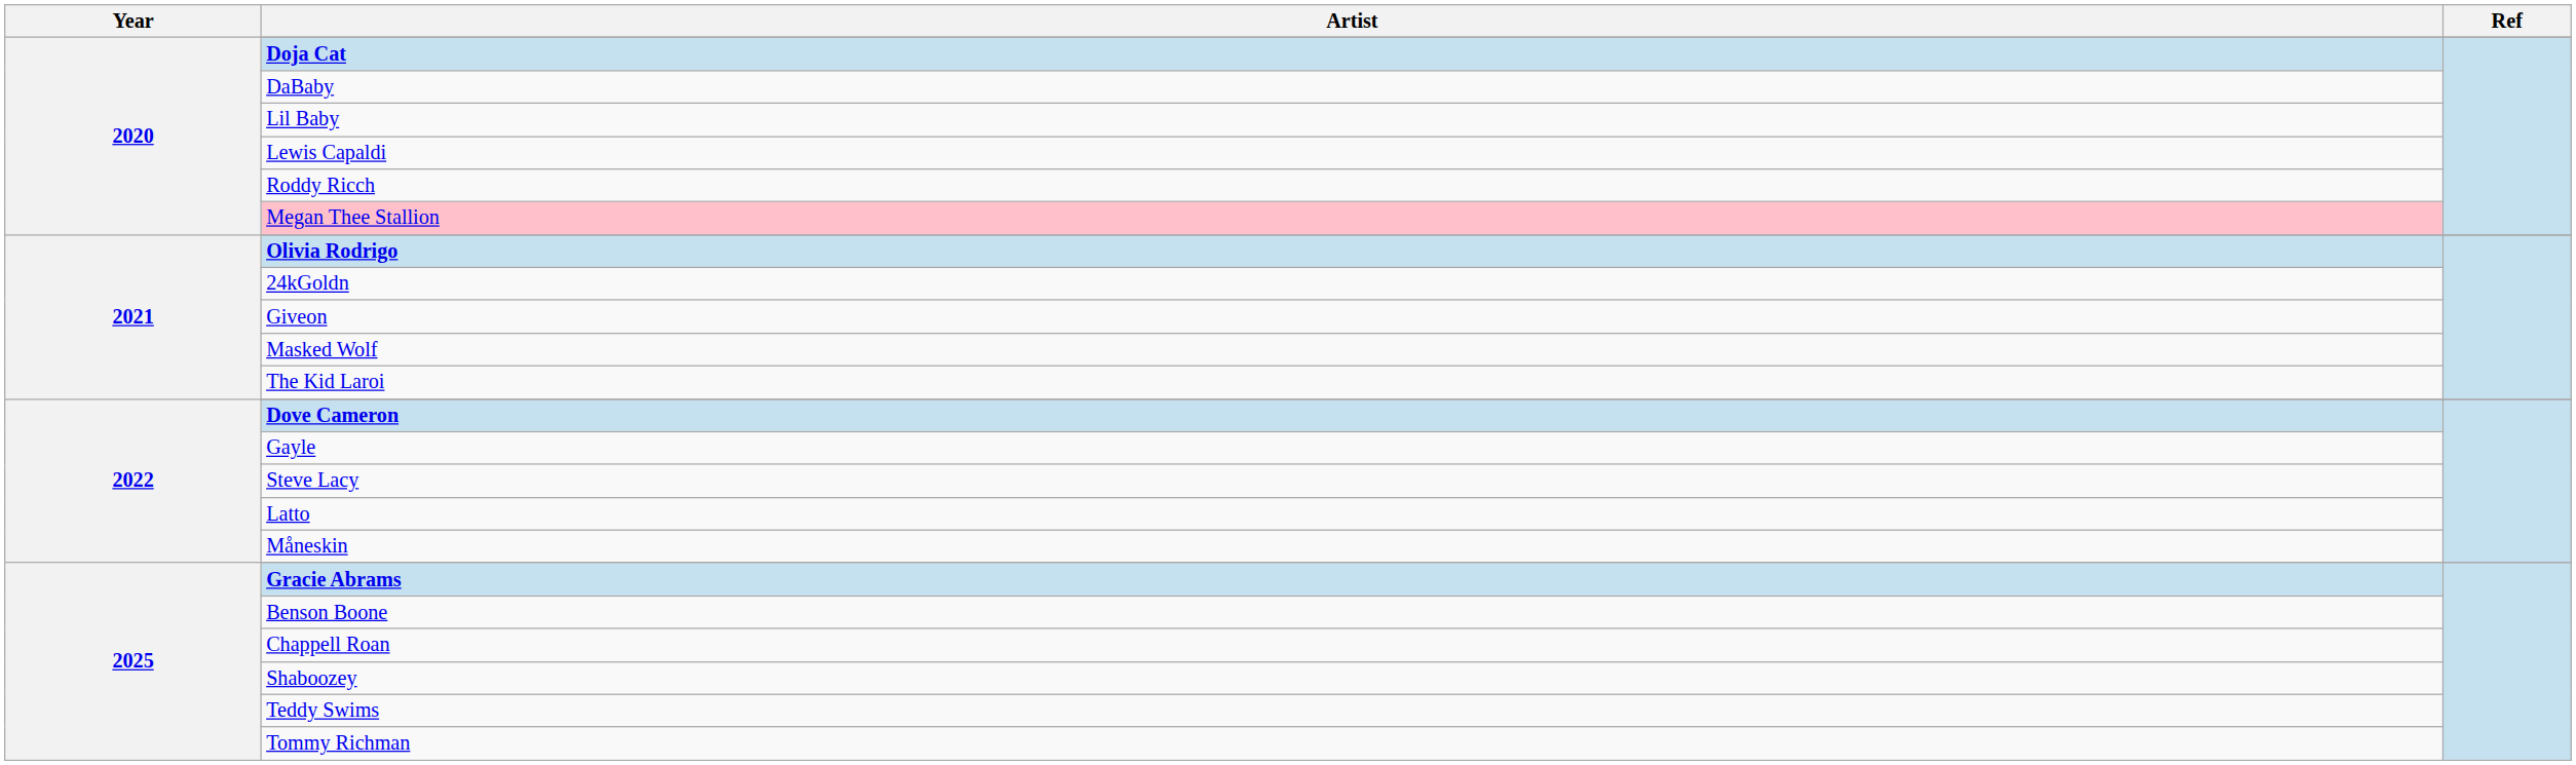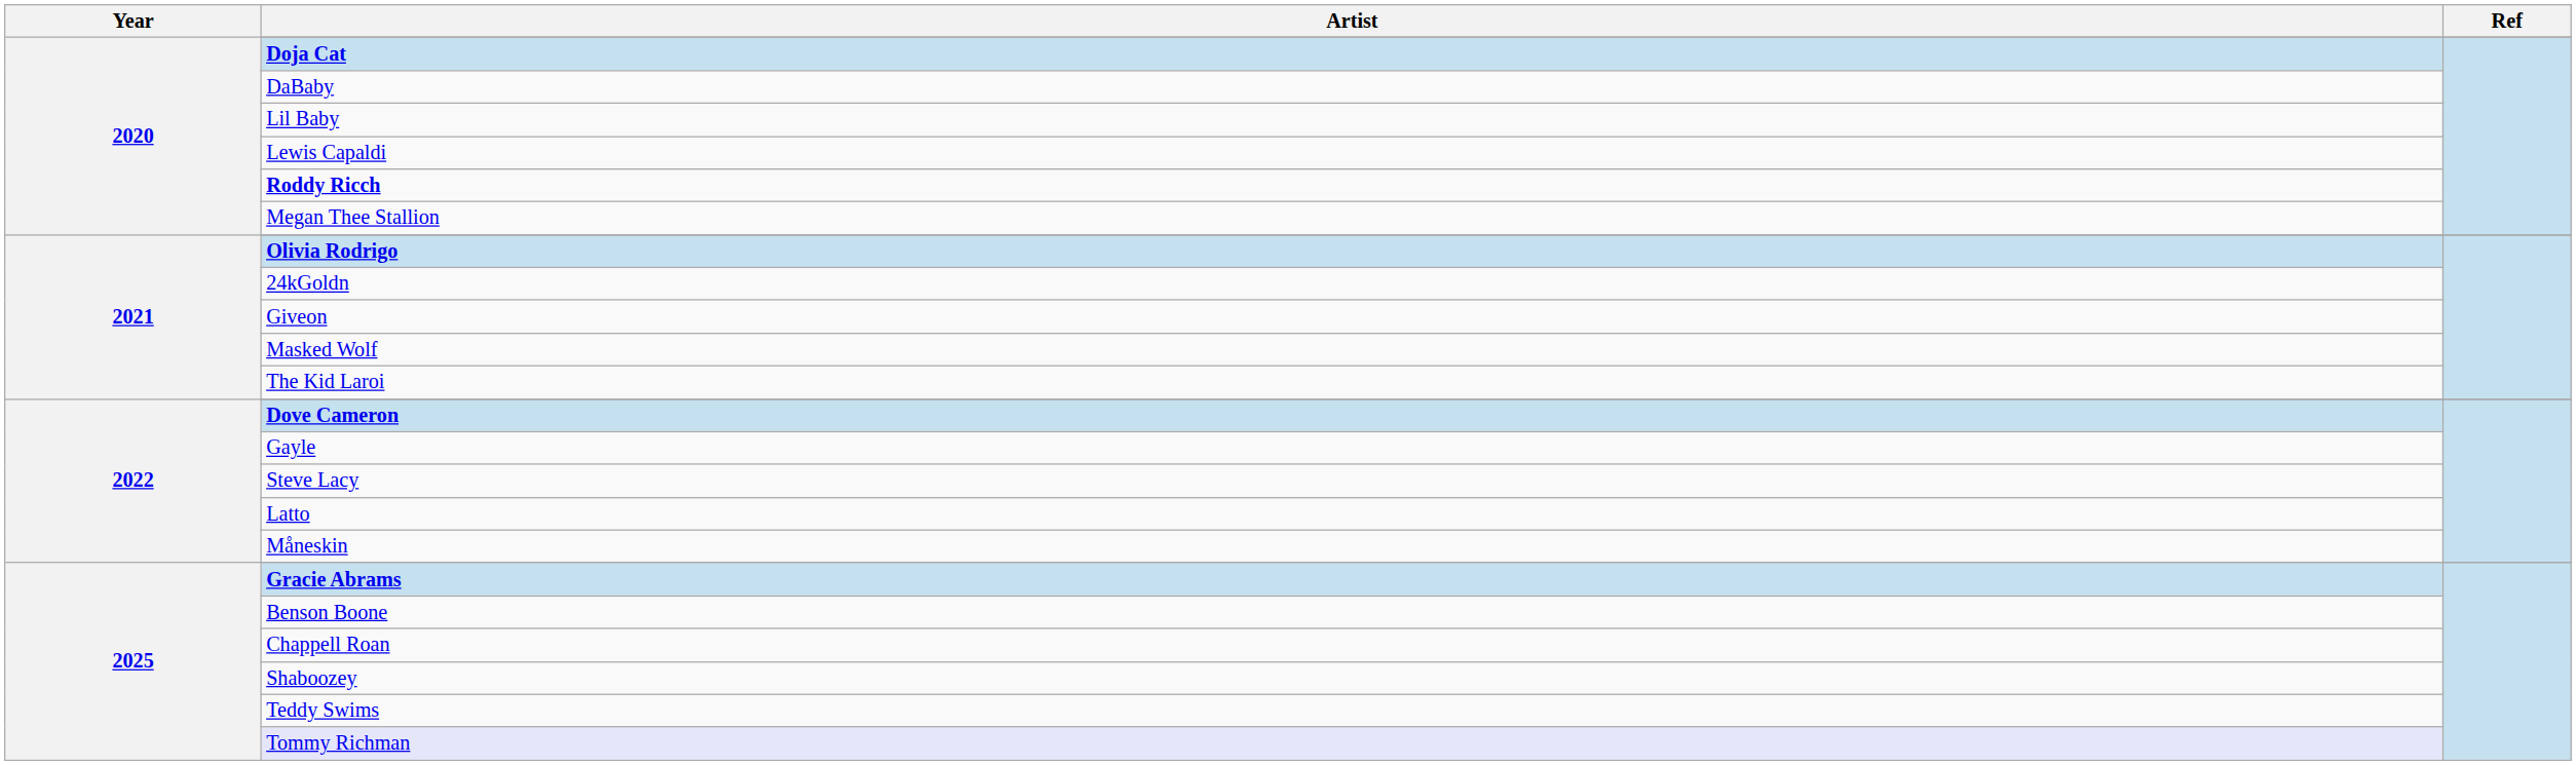 <table class="wikitable" width="100%">
 <tr>
 <th width="10%">Year</th>
 <th width="85%">Artist</th>
 <th width="5%">Ref</th>
 </tr>
 <tr>
 <th rowspan="7" align="center"><a href='#'>2020<br></a></th>
 </tr>
 <tr style="background:#c5e1f0">
 <td><strong><a href='#'>Doja Cat</a></strong></td>
 <td rowspan="6" align="center"></td>
 </tr>
 <tr>
 <td><a href='#'>DaBaby</a></td>
 </tr>
 <tr>
 <td><a href='#'>Lil Baby</a></td>
 </tr>
 <tr>
 <td><a href='#'>Lewis Capaldi</a></td>
 </tr>
 <tr>
-<td><a href='#'>Roddy Ricch</a></td>
+<td><strong><a href='#'>Roddy Ricch</a></strong></td>
 </tr>
 <tr>
-<td style="background: pink;"><a href='#'>Megan Thee Stallion</a></td>
+<td><a href='#'>Megan Thee Stallion</a></td>
 </tr>
 <tr>
 <th rowspan="6" align="center"><a href='#'>2021<br></a></th>
 </tr>
 <tr style="background:#c5e1f0">
 <td><strong><a href='#'>Olivia Rodrigo</a></strong></td>
 <td rowspan="5" align="center"></td>
 </tr>
 <tr>
 <td><a href='#'>24kGoldn</a></td>
 </tr>
 <tr>
 <td><a href='#'>Giveon</a></td>
 </tr>
 <tr>
 <td><a href='#'>Masked Wolf</a></td>
 </tr>
 <tr>
 <td><a href='#'>The Kid Laroi</a></td>
 </tr>
 <tr>
 <th rowspan="6" align="center"><a href='#'>2022<br></a></th>
 </tr>
 <tr style="background:#c5e1f0">
 <td><strong><a href='#'>Dove Cameron</a></strong></td>
 <td rowspan="5" align="center"></td>
 </tr>
 <tr>
 <td><a href='#'>Gayle</a></td>
 </tr>
 <tr>
 <td><a href='#'>Steve Lacy</a></td>
 </tr>
 <tr>
 <td><a href='#'>Latto</a></td>
 </tr>
 <tr>
 <td><a href='#'>Måneskin</a></td>
 </tr>
 <tr>
 <th rowspan="7" align="center"><a href='#'>2025<br></a></th>
 </tr>
 <tr style="background:#c5e1f0">
 <td><strong><a href='#'>Gracie Abrams</a></strong></td>
 <td rowspan="7" align="center"></td>
 </tr>
 <tr>
 <td><a href='#'>Benson Boone</a></td>
 </tr>
 <tr>
 <td><a href='#'>Chappell Roan</a></td>
 </tr>
 <tr>
 <td><a href='#'>Shaboozey</a></td>
 </tr>
 <tr>
 <td><a href='#'>Teddy Swims</a></td>
 </tr>
 <tr>
-<td><a href='#'>Tommy Richman</a></td>
+<td style="background: lavender;"><a href='#'>Tommy Richman</a></td>
 </tr>
 </table>
